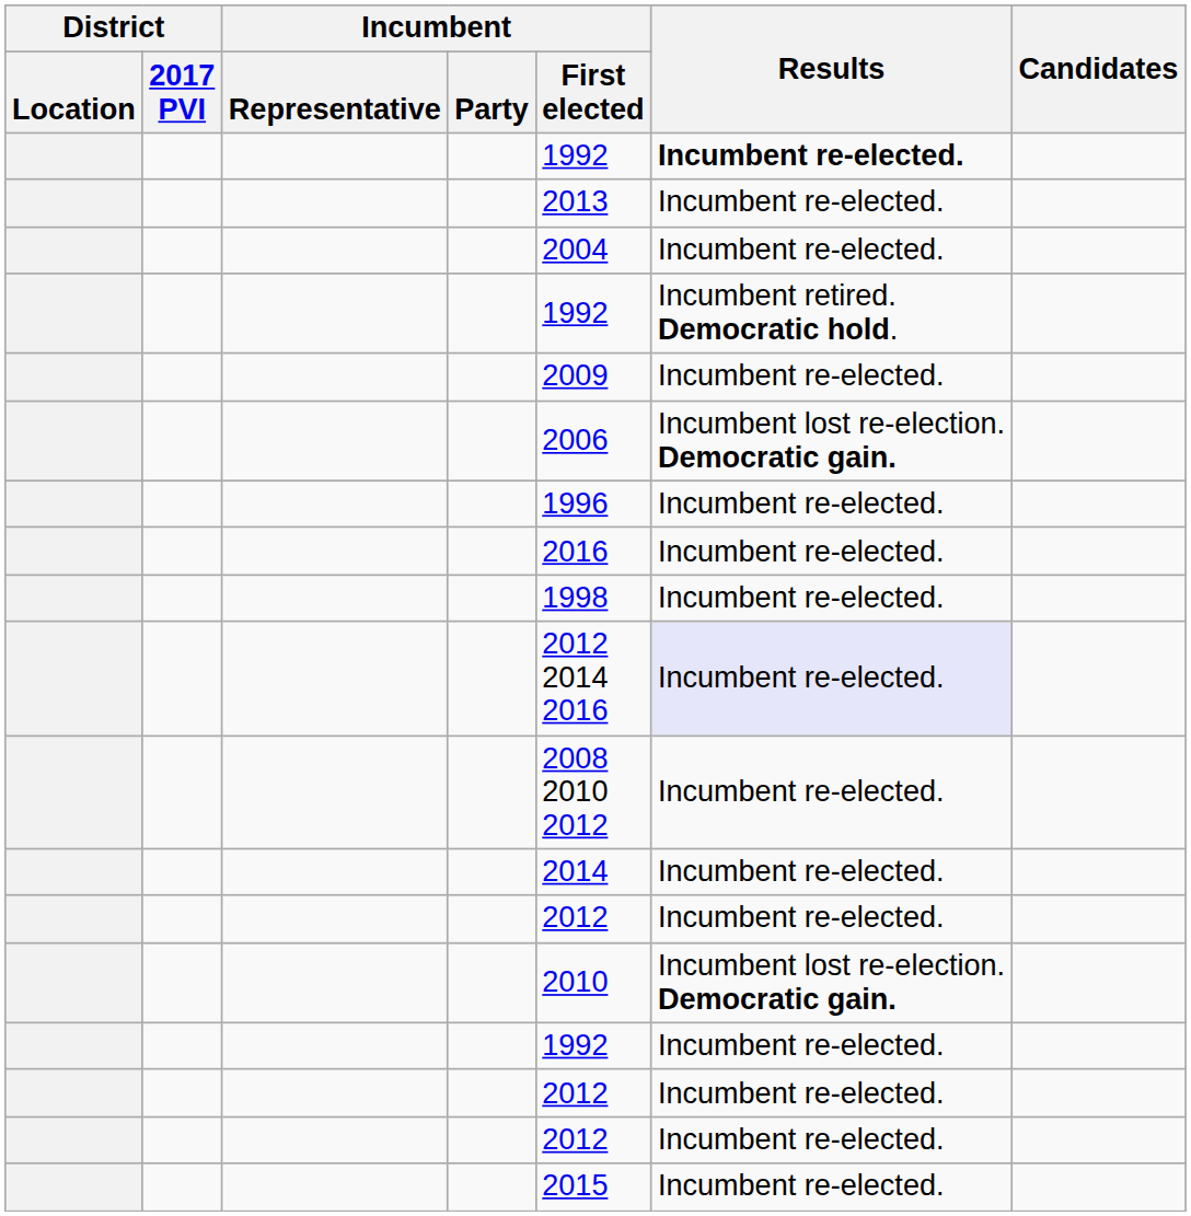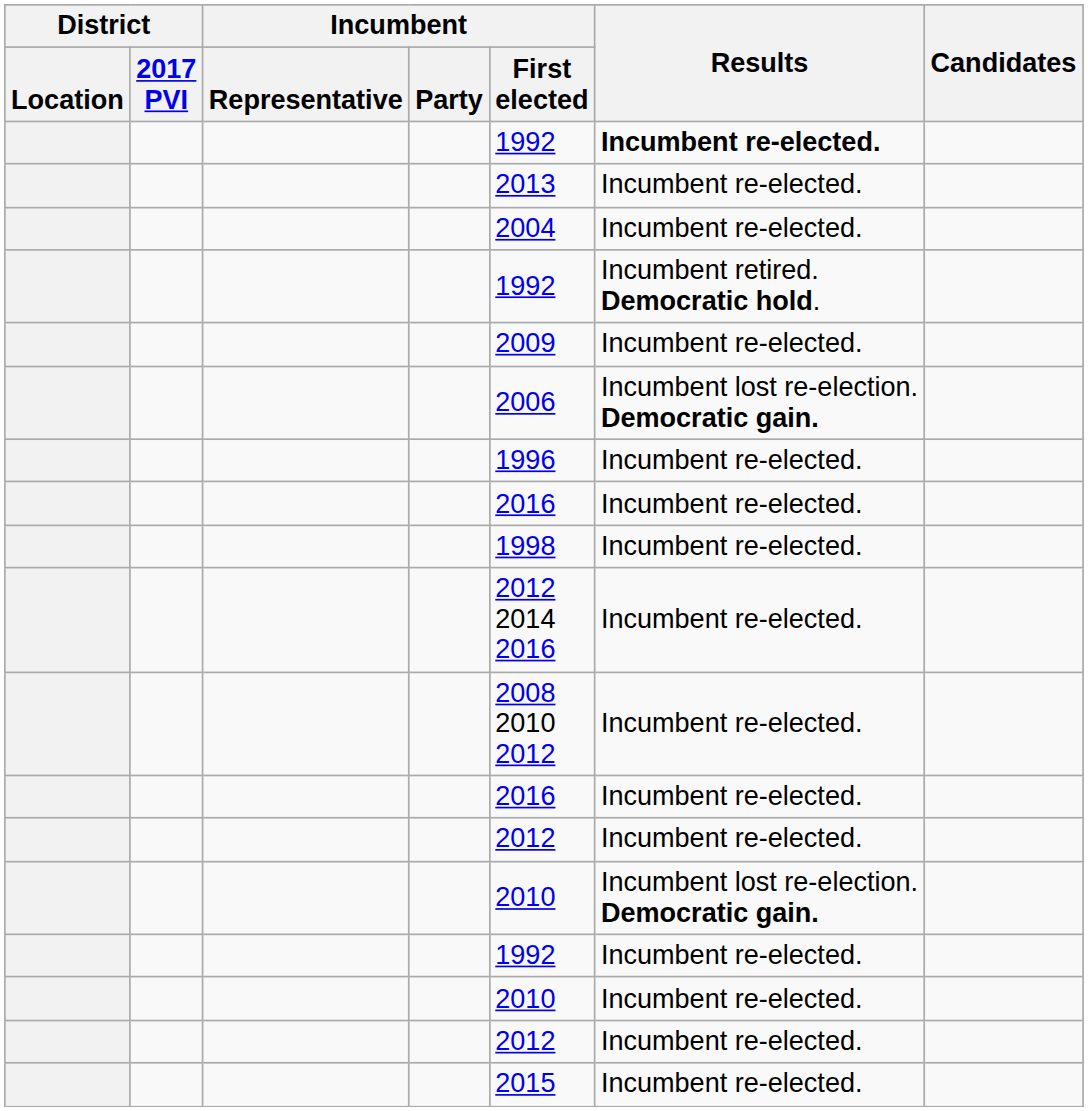 <table class="wikitable sortable">
 <tr>
 <th colspan=2>District</th>
 <th colspan=3>Incumbent</th>
 <th rowspan=2>Results</th>
 <th rowspan=2 class=unsortable>Candidates</th>
 </tr>
 <tr valign=bottom>
 <th>Location</th>
 <th><a href='#'>2017<br>PVI</a></th>
 <th>Representative</th>
 <th>Party</th>
 <th>First<br>elected</th>
 </tr>
 <tr>
 <th></th>
 <td></td>
 <td></td>
 <td></td>
 <td><a href='#'>1992</a></td>
 <td><strong>Incumbent re-elected.</strong></td>
 <td nowrap></td>
 </tr>
 <tr>
 <th></th>
 <td></td>
 <td></td>
 <td></td>
 <td><a href='#'>2013 </a></td>
 <td>Incumbent re-elected.</td>
 <td nowrap></td>
 </tr>
 <tr>
 <th></th>
 <td></td>
 <td></td>
 <td></td>
 <td><a href='#'>2004</a></td>
 <td>Incumbent re-elected.</td>
 <td nowrap></td>
 </tr>
 <tr>
 <th></th>
 <td></td>
 <td></td>
 <td></td>
 <td><a href='#'>1992</a></td>
 <td>Incumbent retired.<br><strong>Democratic hold</strong>.</td>
 <td nowrap></td>
 </tr>
 <tr>
 <th></th>
 <td></td>
 <td></td>
 <td></td>
 <td><a href='#'>2009 </a></td>
 <td>Incumbent re-elected.</td>
 <td nowrap></td>
 </tr>
 <tr>
 <th></th>
 <td></td>
 <td></td>
 <td></td>
 <td><a href='#'>2006</a></td>
 <td>Incumbent lost re-election.<br><strong>Democratic gain.</strong></td>
 <td nowrap></td>
 </tr>
 <tr>
 <th></th>
 <td></td>
 <td></td>
 <td></td>
 <td><a href='#'>1996</a></td>
 <td>Incumbent re-elected.</td>
 <td nowrap></td>
 </tr>
 <tr>
 <th></th>
 <td></td>
 <td></td>
 <td></td>
 <td><a href='#'>2016</a></td>
 <td>Incumbent re-elected.</td>
 <td nowrap></td>
 </tr>
 <tr>
 <th></th>
 <td></td>
 <td></td>
 <td></td>
 <td><a href='#'>1998</a></td>
 <td>Incumbent re-elected.</td>
 <td nowrap></td>
 </tr>
 <tr>
 <th></th>
 <td></td>
 <td></td>
 <td></td>
 <td><a href='#'>2012</a><br>2014 <br><a href='#'>2016</a></td>
-<td style="background: lavender;">Incumbent re-elected.</td>
+<td>Incumbent re-elected.</td>
 <td nowrap></td>
 </tr>
 <tr>
 <th></th>
 <td></td>
 <td></td>
 <td></td>
 <td><a href='#'>2008 </a><br>2010 <br><a href='#'>2012</a></td>
 <td>Incumbent re-elected.</td>
 <td nowrap></td>
 </tr>
 <tr>
 <th></th>
 <td></td>
 <td></td>
 <td></td>
-<td><a href='#'>2014</a></td>
+<td><a href='#'>2016</a></td>
 <td>Incumbent re-elected.</td>
 <td nowrap></td>
 </tr>
 <tr>
 <th></th>
 <td></td>
 <td></td>
 <td></td>
 <td><a href='#'>2012</a></td>
 <td>Incumbent re-elected.</td>
 <td nowrap></td>
 </tr>
 <tr>
 <th></th>
 <td></td>
 <td></td>
 <td></td>
 <td><a href='#'>2010</a></td>
 <td>Incumbent lost re-election.<br><strong>Democratic gain.</strong></td>
 <td nowrap></td>
 </tr>
 <tr>
 <th></th>
 <td></td>
 <td></td>
 <td></td>
 <td><a href='#'>1992</a></td>
 <td>Incumbent re-elected.</td>
 <td nowrap></td>
 </tr>
 <tr>
 <th></th>
 <td></td>
 <td></td>
 <td></td>
-<td><a href='#'>2012</a></td>
+<td><a href='#'>2010</a></td>
 <td>Incumbent re-elected.</td>
 <td nowrap></td>
 </tr>
 <tr>
 <th></th>
 <td></td>
 <td></td>
 <td></td>
 <td><a href='#'>2012</a></td>
 <td>Incumbent re-elected.</td>
 <td nowrap></td>
 </tr>
 <tr>
 <th></th>
 <td></td>
 <td></td>
 <td></td>
 <td><a href='#'>2015 </a></td>
 <td>Incumbent re-elected.</td>
 <td nowrap></td>
 </tr>
 </table>
